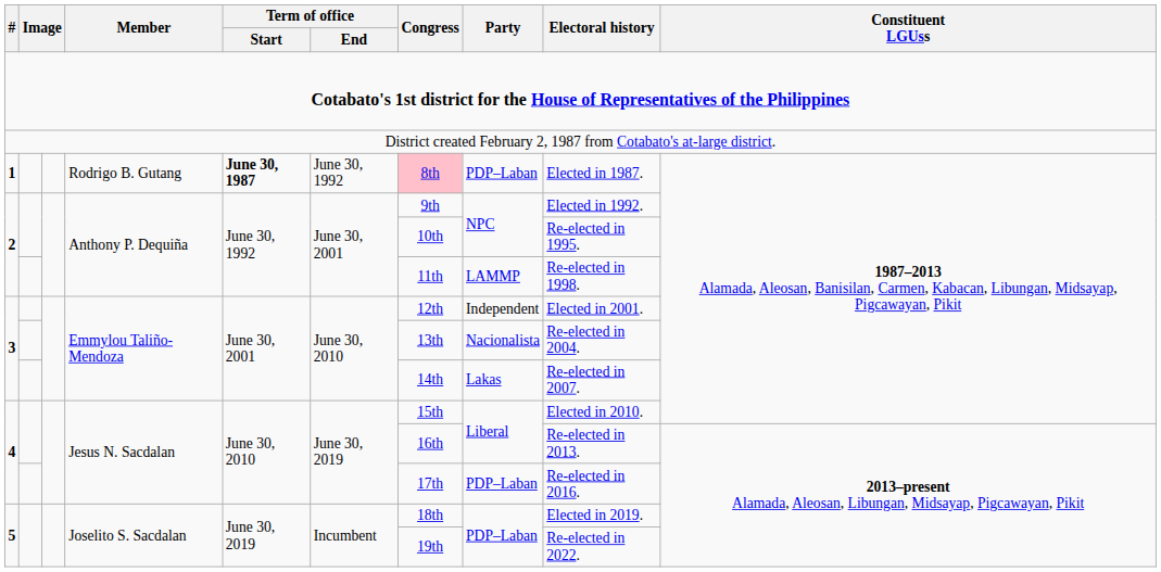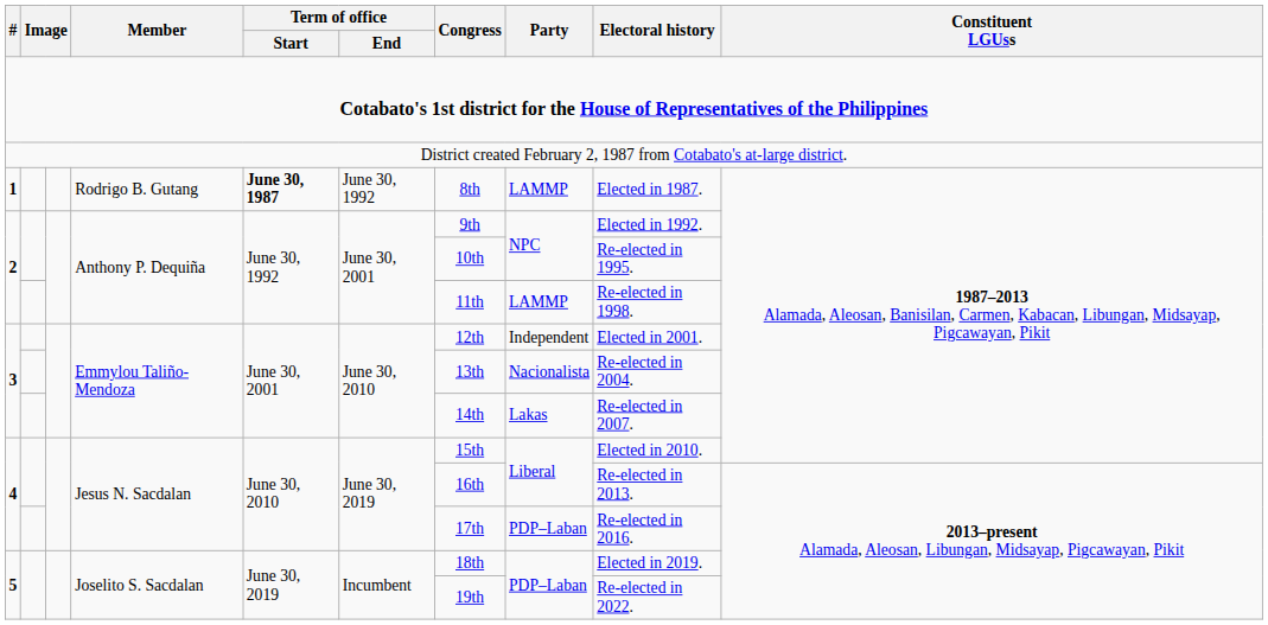 <table class=wikitable>
 <tr>
 <th rowspan="2">#</th>
 <th rowspan="2" colspan=2>Image</th>
 <th rowspan="2">Member</th>
 <th colspan=2>Term of office</th>
 <th rowspan="2">Congress</th>
 <th rowspan="2">Party</th>
 <th rowspan="2">Electoral history</th>
 <th rowspan="2">Constituent<br><a href='#'>LGUs</a>s</th>
 </tr>
 <tr>
 <th>Start</th>
 <th>End</th>
 </tr>
 <tr>
 <td colspan="10" style="text-align:center;"><br><h3>Cotabato's 1st district for the <a href='#'>House of Representatives of the Philippines</a></h3></td>
 </tr>
 <tr>
 <td colspan="10" style="text-align:center;">District created February 2, 1987 from <a href='#'>Cotabato's at-large district</a>.</td>
 </tr>
 <tr>
 <td style="text-align:center;"><strong>1</strong></td>
 <td style="color:inherit;background:"></td>
 <td></td>
 <td>Rodrigo B. Gutang</td>
 <td><strong>June 30, 1987</strong></td>
 <td>June 30, 1992</td>
-<td style="background: pink; text-align:center;"><a href='#'>8th</a></td>
-<td><a href='#'>PDP–Laban</a></td>
+<td style="text-align:center;"><a href='#'>8th</a></td>
+<td><a href='#'>LAMMP</a></td>
 <td><a href='#'>Elected in 1987</a>.</td>
 <td rowspan="8" style="text-align:center;"><strong>1987–2013</strong><br><a href='#'>Alamada</a>, <a href='#'>Aleosan</a>, <a href='#'>Banisilan</a>, <a href='#'>Carmen</a>, <a href='#'>Kabacan</a>, <a href='#'>Libungan</a>, <a href='#'>Midsayap</a>, <a href='#'>Pigcawayan</a>, <a href='#'>Pikit</a></td>
 </tr>
 <tr>
 <td rowspan="3" style="text-align:center;"><strong>2</strong></td>
 <td rowspan="2" style="color:inherit;background:"></td>
 <td rowspan="3"></td>
 <td rowspan="3">Anthony P. Dequiña</td>
 <td rowspan="3">June 30, 1992</td>
 <td rowspan="3">June 30, 2001</td>
 <td style="text-align:center;"><a href='#'>9th</a></td>
 <td rowspan="2"><a href='#'>NPC</a></td>
 <td><a href='#'>Elected in 1992</a>.</td>
 </tr>
 <tr>
 <td style="text-align:center;"><a href='#'>10th</a></td>
 <td><a href='#'>Re-elected in 1995</a>.</td>
 </tr>
 <tr>
 <td style="color:inherit;background:"></td>
 <td style="text-align:center;"><a href='#'>11th</a></td>
 <td><a href='#'>LAMMP</a></td>
 <td><a href='#'>Re-elected in 1998</a>.</td>
 </tr>
 <tr>
 <td rowspan="3" style="text-align:center;"><strong>3</strong></td>
 <td style="color:inherit;background:"></td>
 <td rowspan="3"></td>
 <td rowspan="3"><a href='#'>Emmylou Taliño-Mendoza</a></td>
 <td rowspan="3">June 30, 2001</td>
 <td rowspan="3">June 30, 2010</td>
 <td style="text-align:center;"><a href='#'>12th</a></td>
 <td>Independent</td>
 <td><a href='#'>Elected in 2001</a>.</td>
 </tr>
 <tr>
 <td style="color:inherit;background:"></td>
 <td style="text-align:center;"><a href='#'>13th</a></td>
 <td><a href='#'>Nacionalista</a></td>
 <td><a href='#'>Re-elected in 2004</a>.</td>
 </tr>
 <tr>
 <td style="color:inherit;background:"></td>
 <td style="text-align:center;"><a href='#'>14th</a></td>
 <td><a href='#'>Lakas</a></td>
 <td><a href='#'>Re-elected in 2007</a>.</td>
 </tr>
 <tr>
 <td rowspan="3" style="text-align:center;"><strong>4</strong></td>
 <td rowspan="2" style="color:inherit;background:"></td>
 <td rowspan="3"></td>
 <td rowspan="3">Jesus N. Sacdalan</td>
 <td rowspan="3">June 30, 2010</td>
 <td rowspan="3">June 30, 2019</td>
 <td style="text-align:center;"><a href='#'>15th</a></td>
 <td rowspan="2"><a href='#'>Liberal</a></td>
 <td><a href='#'>Elected in 2010</a>.</td>
 </tr>
 <tr>
 <td style="text-align:center;"><a href='#'>16th</a></td>
 <td><a href='#'>Re-elected in 2013</a>.</td>
 <td rowspan=99 style="text-align:center;"><strong>2013–present</strong><br><a href='#'>Alamada</a>, <a href='#'>Aleosan</a>, <a href='#'>Libungan</a>, <a href='#'>Midsayap</a>, <a href='#'>Pigcawayan</a>, <a href='#'>Pikit</a></td>
 </tr>
 <tr>
 <td style="color:inherit;background:"></td>
 <td style="text-align:center;"><a href='#'>17th</a></td>
 <td><a href='#'>PDP–Laban</a></td>
 <td><a href='#'>Re-elected in 2016</a>.</td>
 </tr>
 <tr>
 <td rowspan="2" style="text-align:center;"><strong>5</strong></td>
 <td rowspan="2" style="color:inherit;background:"></td>
 <td rowspan="2"></td>
 <td rowspan="2">Joselito S. Sacdalan</td>
 <td rowspan="2">June 30, 2019</td>
 <td rowspan="2">Incumbent</td>
 <td style="text-align:center;"><a href='#'>18th</a></td>
 <td rowspan="2"><a href='#'>PDP–Laban</a></td>
 <td><a href='#'>Elected in 2019</a>.</td>
 </tr>
 <tr>
 <td style="text-align:center;"><a href='#'>19th</a></td>
 <td><a href='#'>Re-elected in 2022</a>.</td>
 </tr>
 </table>
